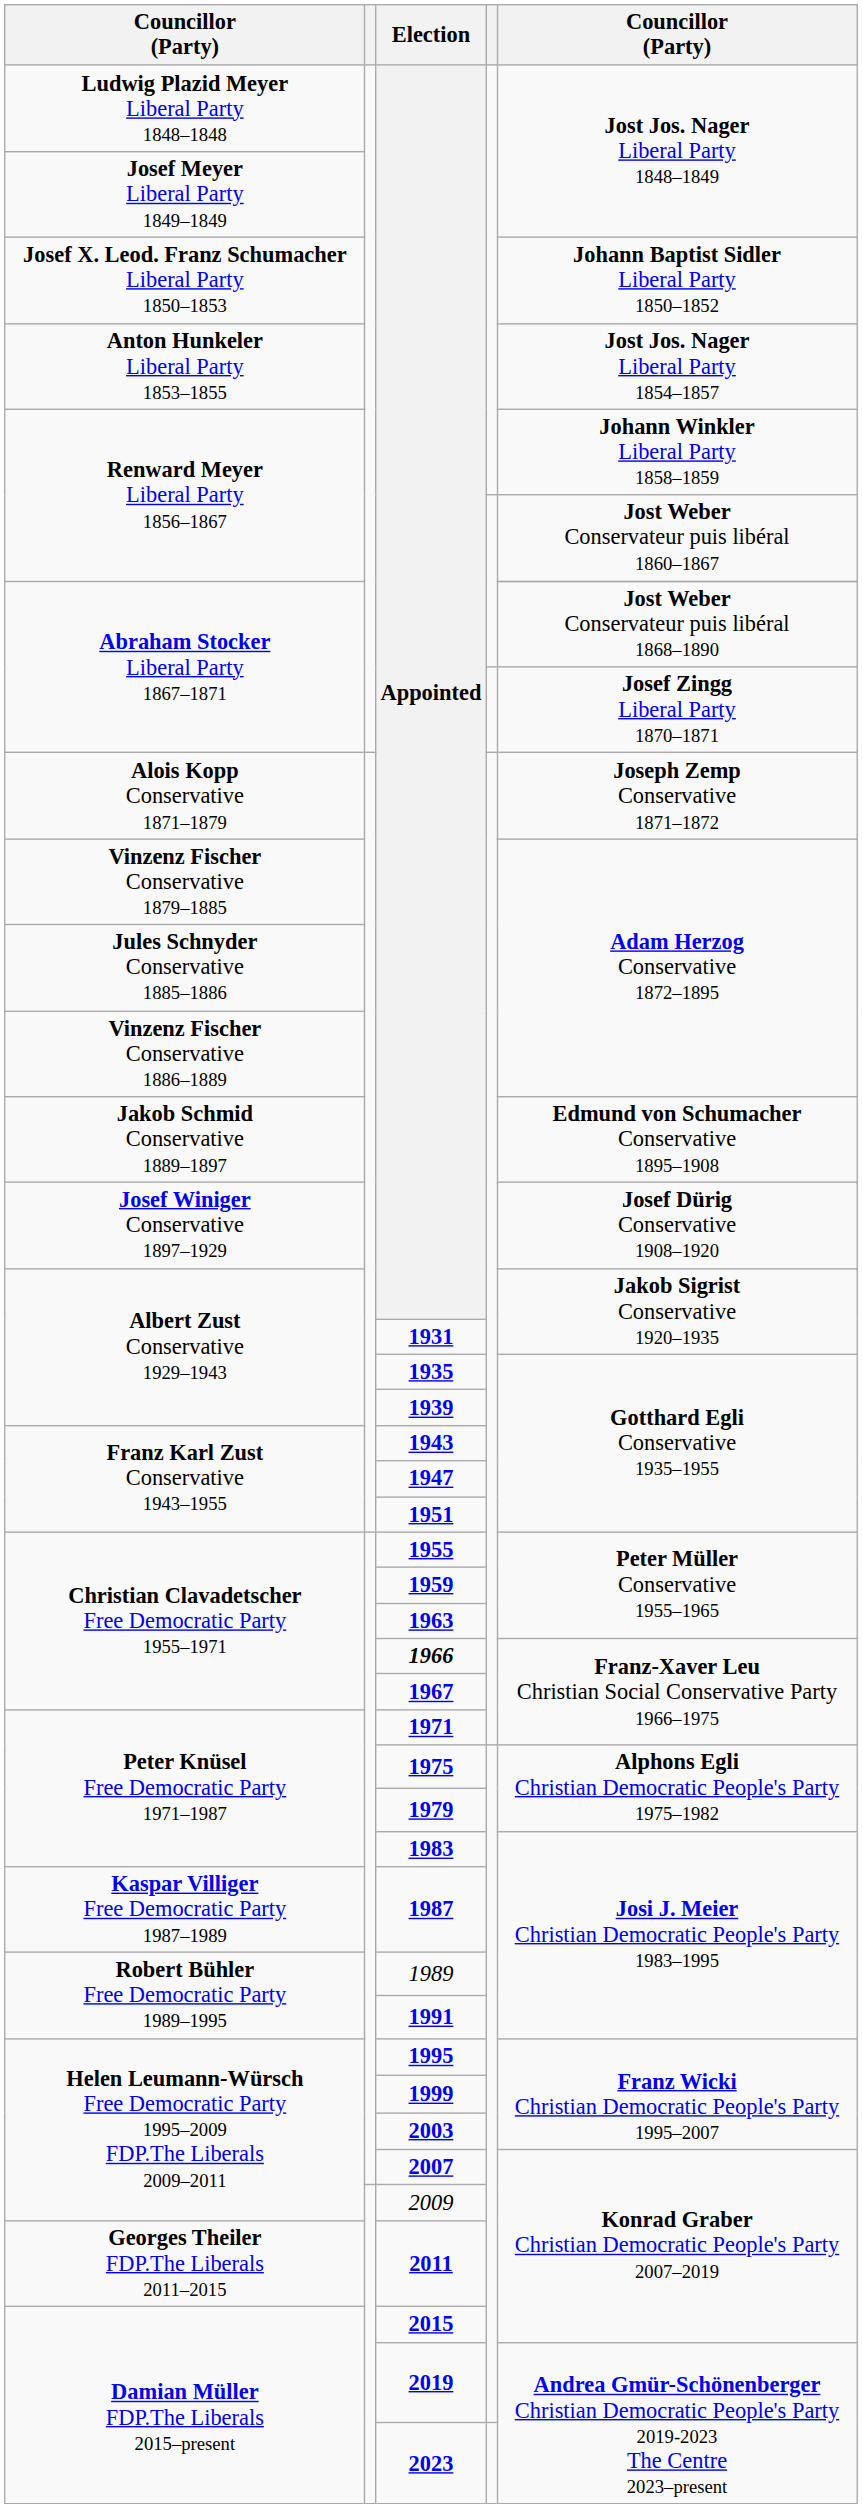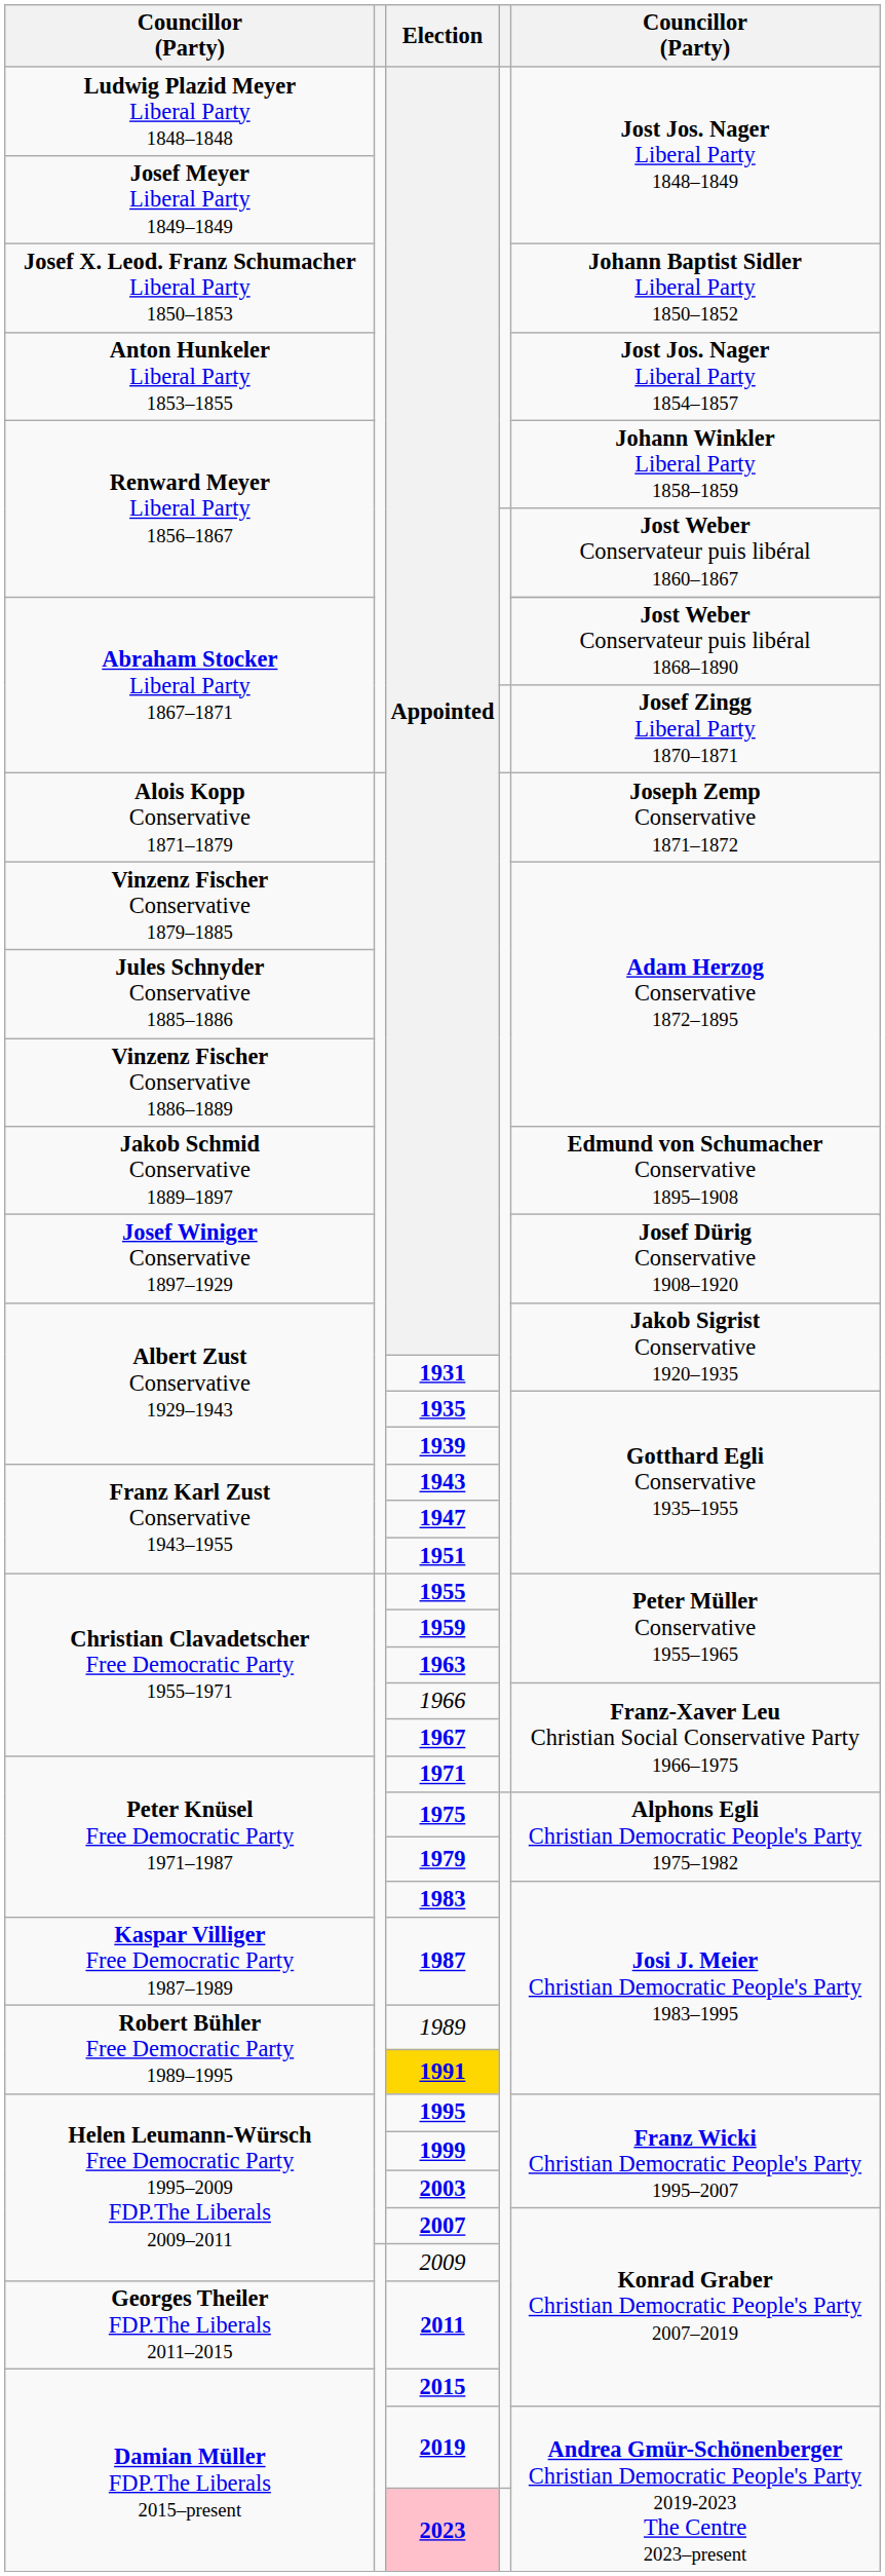 <table class="wikitable" style="text-align:center">
 <tr>
 <th scope="col" width="250" colspan = "1">Councillor<br> (Party)</th>
 <th></th>
 <th>Election</th>
 <th></th>
 <th scope="col" width="250" colspan = "1">Councillor<br> (Party)</th>
 </tr>
 <tr>
 <td rowspan=1><strong>Ludwig Plazid Meyer</strong><br><a href='#'>Liberal Party</a><br><small>1848–1848</small></td>
 <td rowspan=11; style="background-color: "></td>
 <th rowspan=22>Appointed</th>
 <td rowspan=7; style="background-color: "></td>
 <td rowspan=2><strong>Jost Jos. Nager</strong><br><a href='#'>Liberal Party</a><br><small>1848–1849</small></td>
 </tr>
 <tr>
 <td rowspan=1><strong>Josef Meyer</strong><br><a href='#'>Liberal Party</a><br><small>1849–1849</small></td>
 </tr>
 <tr>
 <td rowspan=1><strong>Josef X. Leod. Franz Schumacher</strong><br><a href='#'>Liberal Party</a><br><small>1850–1853</small></td>
 <td rowspan=2><strong>Johann Baptist Sidler</strong><br><a href='#'>Liberal Party</a><br><small>1850–1852</small></td>
 </tr>
 <tr>
 <td rowspan=2><strong>Anton Hunkeler</strong><br><a href='#'>Liberal Party</a><br><small>1853–1855</small></td>
 </tr>
 <tr>
 <td rowspan=2><strong>Jost Jos. Nager</strong><br><a href='#'>Liberal Party</a><br><small>1854–1857</small></td>
 </tr>
 <tr>
 <td rowspan=3><strong>Renward Meyer</strong><br><a href='#'>Liberal Party</a><br><small>1856–1867</small></td>
 </tr>
 <tr>
 <td rowspan=1><strong>Johann Winkler</strong><br><a href='#'>Liberal Party</a><br><small>1858–1859</small></td>
 </tr>
 <tr>
 <td rowspan=3; style="background-color: "></td>
 <td rowspan=1><strong>Jost Weber</strong><br>Conservateur puis libéral<br><small>1860–1867</small></td>
 </tr>
 <tr>
 <td rowspan=3><strong><a href='#'>Abraham Stocker</a></strong><br><a href='#'>Liberal Party</a><br><small>1867–1871</small></td>
 </tr>
 <tr>
 <td rowspan=1><strong>Jost Weber</strong><br>Conservateur puis libéral<br><small>1868–1890</small></td>
 </tr>
 <tr>
 <td rowspan=1; style="background-color: "></td>
 <td rowspan=1><strong>Josef Zingg</strong><br><a href='#'>Liberal Party</a><br><small>1870–1871</small></td>
 </tr>
 <tr>
 <td rowspan=2><strong>Alois Kopp</strong><br>Conservative<br><small>1871–1879</small></td>
 <td rowspan=17; style="background-color: "></td>
 <td rowspan=23; style="background-color: "></td>
 <td rowspan=1><strong>Joseph Zemp</strong><br>Conservative<br><small>1871–1872</small></td>
 </tr>
 <tr>
 <td rowspan=5><strong><a href='#'>Adam Herzog</a></strong><br>Conservative<br><small>1872–1895</small></td>
 </tr>
 <tr>
 <td rowspan=1><strong>Vinzenz Fischer</strong><br>Conservative<br><small>1879–1885</small></td>
 </tr>
 <tr>
 <td rowspan=1><strong>Jules Schnyder</strong><br>Conservative<br><small>1885–1886</small></td>
 </tr>
 <tr>
 <td rowspan=1><strong>Vinzenz Fischer</strong><br>Conservative<br><small>1886–1889</small></td>
 </tr>
 <tr>
 <td rowspan=2><strong>Jakob Schmid</strong><br>Conservative<br><small>1889–1897</small></td>
 </tr>
 <tr>
 <td rowspan=2><strong>Edmund von Schumacher</strong><br>Conservative<br><small>1895–1908</small></td>
 </tr>
 <tr>
 <td rowspan=3><strong><a href='#'>Josef Winiger</a></strong><br>Conservative<br><small>1897–1929</small></td>
 </tr>
 <tr>
 <td rowspan=1><strong>Josef Dürig</strong><br>Conservative<br><small>1908–1920</small></td>
 </tr>
 <tr>
 <td rowspan=3><strong>Jakob Sigrist</strong><br>Conservative<br><small>1920–1935</small></td>
 </tr>
 <tr>
 <td rowspan=4><strong>Albert Zust</strong><br>Conservative<br><small>1929–1943</small></td>
 </tr>
 <tr>
 <td><strong><a href='#'>1931</a></strong></td>
 </tr>
 <tr>
 <td><strong><a href='#'>1935</a></strong></td>
 <td rowspan=5><strong>Gotthard Egli</strong><br>Conservative<br><small>1935–1955</small></td>
 </tr>
 <tr>
 <td><strong><a href='#'>1939</a></strong></td>
 </tr>
 <tr>
 <td rowspan=3><strong>Franz Karl Zust</strong><br>Conservative<br><small>1943–1955</small></td>
 <td><strong><a href='#'>1943</a></strong></td>
 </tr>
 <tr>
 <td><strong><a href='#'>1947</a></strong></td>
 </tr>
 <tr>
 <td><strong><a href='#'>1951</a></strong></td>
 </tr>
 <tr>
 <td rowspan=5><strong>Christian Clavadetscher</strong><br><a href='#'>Free Democratic Party</a><br><small>1955–1971</small></td>
 <td rowspan=16; style="background-color: "></td>
 <td><strong><a href='#'>1955</a></strong></td>
 <td rowspan=3><strong>Peter Müller</strong><br>Conservative<br><small>1955–1965</small></td>
 </tr>
 <tr>
 <td><strong><a href='#'>1959</a></strong></td>
 </tr>
 <tr>
 <td><strong><a href='#'>1963</a></strong></td>
 </tr>
 <tr>
-<td><strong><em>1966</em></strong></td>
+<td><em>1966</em></td>
 <td rowspan=3><strong>Franz-Xaver Leu</strong><br>Christian Social Conservative Party<br><small>1966–1975</small></td>
 </tr>
 <tr>
 <td><strong><a href='#'>1967</a></strong></td>
 </tr>
 <tr>
 <td rowspan=4><strong>Peter Knüsel</strong><br><a href='#'>Free Democratic Party</a><br><small>1971–1987</small></td>
 <td><strong><a href='#'>1971</a></strong></td>
 </tr>
 <tr>
 <td><strong><a href='#'>1975</a></strong></td>
 <td rowspan=14; style="background-color: "></td>
 <td rowspan=2><strong>Alphons Egli</strong><br><a href='#'>Christian Democratic People's Party</a><br><small>1975–1982</small></td>
 </tr>
 <tr>
 <td><strong><a href='#'>1979</a></strong></td>
 </tr>
 <tr>
 <td><strong><a href='#'>1983</a></strong></td>
 <td rowspan=4><strong><a href='#'>Josi J. Meier</a></strong><br><a href='#'>Christian Democratic People's Party</a><br><small>1983–1995</small></td>
 </tr>
 <tr>
 <td rowspan=1><strong><a href='#'>Kaspar Villiger</a></strong><br><a href='#'>Free Democratic Party</a><br><small>1987–1989</small></td>
 <td><strong><a href='#'>1987</a></strong></td>
 </tr>
 <tr>
 <td rowspan=2><strong>Robert Bühler</strong><br><a href='#'>Free Democratic Party</a><br><small>1989–1995</small></td>
 <td><em>1989</em></td>
 </tr>
 <tr>
-<td><strong><a href='#'>1991</a></strong></td>
+<td style="background: gold;"><strong><a href='#'>1991</a></strong></td>
 </tr>
 <tr>
 <td rowspan=5><strong>Helen Leumann-Würsch</strong><br><a href='#'>Free Democratic Party</a><br><small>1995–2009</small><br><a href='#'>FDP.The Liberals</a><br><small>2009–2011</small></td>
 <td><strong><a href='#'>1995</a></strong></td>
 <td rowspan=3><br><strong><a href='#'>Franz Wicki</a></strong><br><a href='#'>Christian Democratic People's Party</a><br><small>1995–2007</small></td>
 </tr>
 <tr>
 <td><strong><a href='#'>1999</a></strong></td>
 </tr>
 <tr>
 <td><strong><a href='#'>2003</a></strong></td>
 </tr>
 <tr>
 <td><strong><a href='#'>2007</a></strong></td>
 <td rowspan=4><strong>Konrad Graber</strong><br><a href='#'>Christian Democratic People's Party</a><br><small>2007–2019</small></td>
 </tr>
 <tr>
 <td rowspan=5; style="background-color: "></td>
 <td><em>2009</em></td>
 </tr>
 <tr>
 <td rowspan=1><strong>Georges Theiler</strong><br><a href='#'>FDP.The Liberals</a><br><small>2011–2015</small></td>
 <td><strong><a href='#'>2011</a></strong></td>
 </tr>
 <tr>
 <td rowspan=3><br><strong><a href='#'>Damian Müller</a></strong><br><a href='#'>FDP.The Liberals</a><br><small>2015–present</small></td>
 <td><strong><a href='#'>2015</a></strong></td>
 </tr>
 <tr>
 <td><strong><a href='#'>2019</a></strong></td>
 <td rowspan=2><br><strong><a href='#'>Andrea Gmür-Schönenberger</a></strong><br><a href='#'>Christian Democratic People's Party</a><br><small>2019-2023</small><br><a href='#'>The Centre</a><br><small>2023–present</small></td>
 </tr>
 <tr>
-<td><strong><a href='#'>2023</a></strong></td>
+<td style="background: pink;"><strong><a href='#'>2023</a></strong></td>
 <td rowspan=1; style="background-color: "></td>
 </tr>
 </table>
